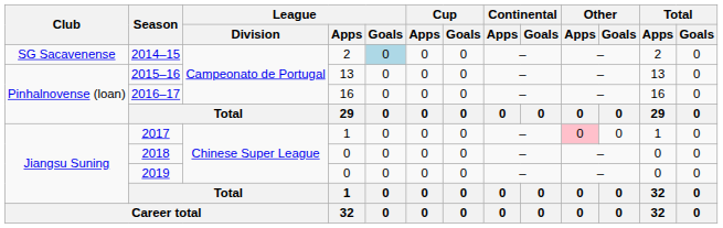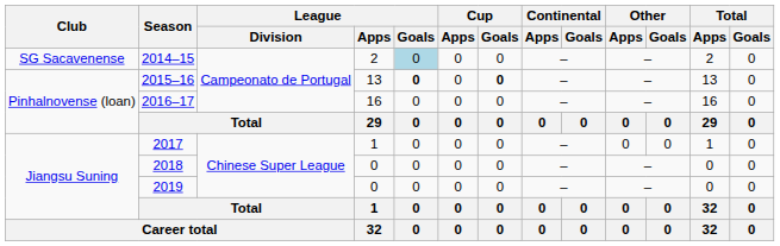 <table class="wikitable" style="text-align: center">
 <tr>
 <th rowspan="2">Club</th>
 <th rowspan="2">Season</th>
 <th colspan="3">League</th>
 <th colspan="2">Cup</th>
 <th colspan="2">Continental</th>
 <th colspan="2">Other</th>
 <th colspan="2">Total</th>
 </tr>
 <tr>
 <th>Division</th>
 <th>Apps</th>
 <th>Goals</th>
 <th>Apps</th>
 <th>Goals</th>
 <th>Apps</th>
 <th>Goals</th>
 <th>Apps</th>
 <th>Goals</th>
 <th>Apps</th>
 <th>Goals</th>
 </tr>
 <tr>
 <td><a href='#'>SG Sacavenense</a></td>
 <td><a href='#'>2014–15</a></td>
 <td rowspan="3"><a href='#'>Campeonato de Portugal</a></td>
 <td>2</td>
 <td style="background: lightblue;">0</td>
 <td>0</td>
 <td>0</td>
 <td colspan="2">–</td>
 <td colspan="2">–</td>
 <td>2</td>
 <td>0</td>
 </tr>
 <tr>
 <td rowspan=3><a href='#'>Pinhalnovense</a> (loan)</td>
 <td><a href='#'>2015–16</a></td>
 <td>13</td>
+<td><strong>0</strong></td>
 <td>0</td>
-<td>0</td>
-<td>0</td>
+<td><strong>0</strong></td>
 <td colspan="2">–</td>
 <td colspan="2">–</td>
 <td>13</td>
 <td>0</td>
 </tr>
 <tr>
 <td><a href='#'>2016–17</a></td>
 <td>16</td>
 <td>0</td>
 <td>0</td>
 <td>0</td>
 <td colspan="2">–</td>
 <td colspan="2">–</td>
 <td>16</td>
 <td>0</td>
 </tr>
 <tr>
 <th colspan=2>Total</th>
 <th>29</th>
 <th>0</th>
 <th>0</th>
 <th>0</th>
 <th>0</th>
 <th>0</th>
 <th>0</th>
 <th>0</th>
 <th>29</th>
 <th>0</th>
 </tr>
 <tr>
 <td rowspan=4><a href='#'>Jiangsu Suning</a></td>
 <td><a href='#'>2017</a></td>
 <td rowspan=3><a href='#'>Chinese Super League</a></td>
 <td>1</td>
 <td>0</td>
 <td>0</td>
 <td>0</td>
 <td colspan="2">–</td>
-<td style="background: pink;">0</td>
+<td>0</td>
 <td>0</td>
 <td>1</td>
 <td>0</td>
 </tr>
 <tr>
 <td><a href='#'>2018</a></td>
 <td>0</td>
 <td>0</td>
 <td>0</td>
 <td>0</td>
 <td colspan="2">–</td>
 <td colspan="2">–</td>
 <td>0</td>
 <td>0</td>
 </tr>
 <tr>
 <td><a href='#'>2019</a></td>
 <td>0</td>
 <td>0</td>
 <td>0</td>
 <td>0</td>
 <td colspan="2">–</td>
 <td colspan="2">–</td>
 <td>0</td>
 <td>0</td>
 </tr>
 <tr>
 <th colspan=2>Total</th>
 <th>1</th>
 <th>0</th>
 <th>0</th>
 <th>0</th>
 <th>0</th>
 <th>0</th>
 <th>0</th>
 <th>0</th>
 <th>32</th>
 <th>0</th>
 </tr>
 <tr>
 <th colspan=3>Career total</th>
 <th>32</th>
 <th>0</th>
 <th>0</th>
 <th>0</th>
 <th>0</th>
 <th>0</th>
 <th>0</th>
 <th>0</th>
 <th>32</th>
 <th>0</th>
 </tr>
 </table>
